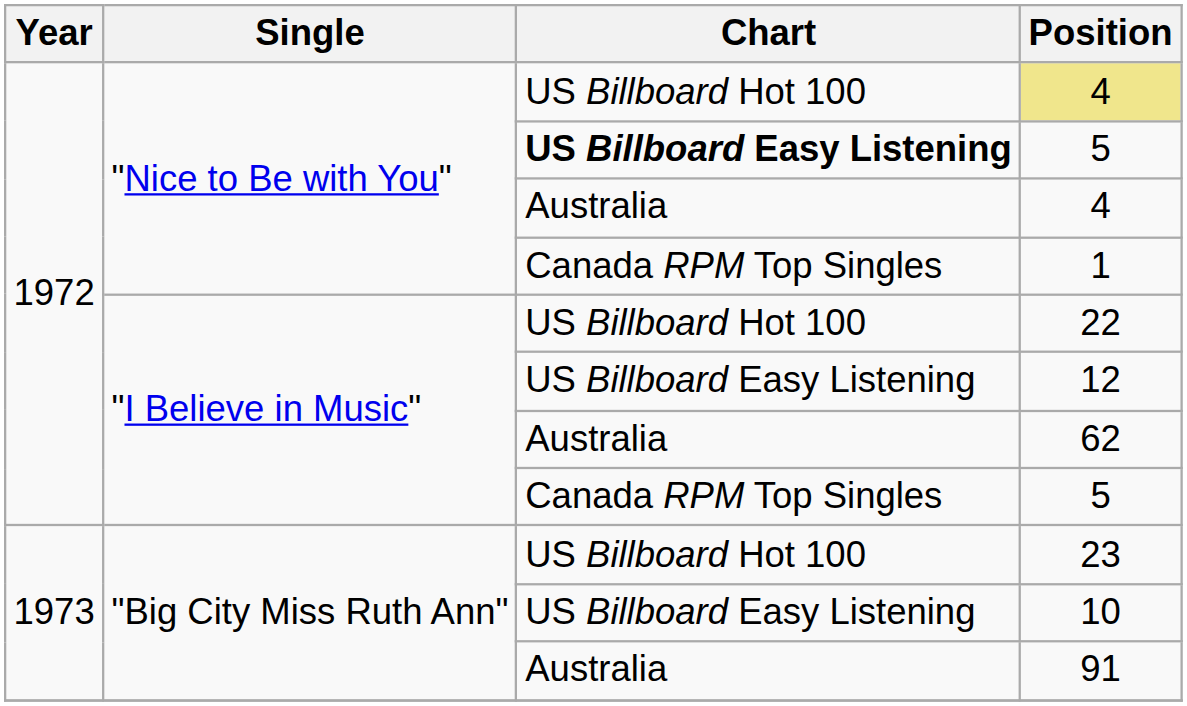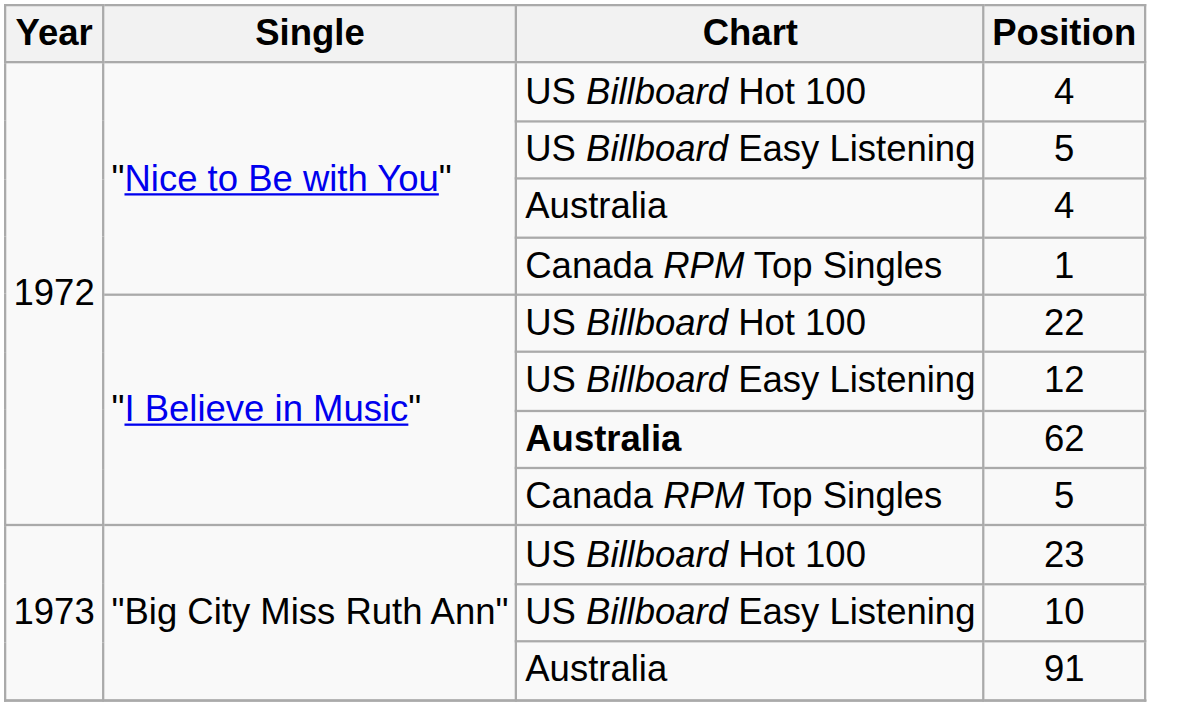 <table class="wikitable">
 <tr>
 <th>Year</th>
 <th>Single</th>
 <th>Chart</th>
 <th>Position</th>
 </tr>
 <tr>
 <td rowspan="8">1972</td>
 <td rowspan="4">"<a href='#'>Nice to Be with You</a>"</td>
 <td>US <em>Billboard</em> Hot 100</td>
-<td align="center" style="background: khaki;">4</td>
+<td align="center">4</td>
 </tr>
 <tr>
-<td><strong>US <em>Billboard</em> Easy Listening</strong></td>
+<td>US <em>Billboard</em> Easy Listening</td>
 <td align="center">5</td>
 </tr>
 <tr>
 <td>Australia</td>
 <td align="center">4</td>
 </tr>
 <tr>
 <td>Canada <em>RPM</em> Top Singles</td>
 <td align="center">1</td>
 </tr>
 <tr>
 <td rowspan="4">"<a href='#'>I Believe in Music</a>"</td>
 <td>US <em>Billboard</em> Hot 100</td>
 <td align="center">22</td>
 </tr>
 <tr>
 <td>US <em>Billboard</em> Easy Listening</td>
 <td align="center">12</td>
 </tr>
 <tr>
-<td>Australia</td>
+<td><strong>Australia</strong></td>
 <td align="center">62</td>
 </tr>
 <tr>
 <td>Canada <em>RPM</em> Top Singles</td>
 <td align="center">5</td>
 </tr>
 <tr>
 <td rowspan="3">1973</td>
 <td rowspan="3">"Big City Miss Ruth Ann"</td>
 <td>US <em>Billboard</em> Hot 100</td>
 <td align="center">23</td>
 </tr>
 <tr>
 <td>US <em>Billboard</em> Easy Listening</td>
 <td align="center">10</td>
 </tr>
 <tr>
 <td>Australia</td>
 <td align="center">91</td>
 </tr>
 <tr>
 </tr>
 </table>
